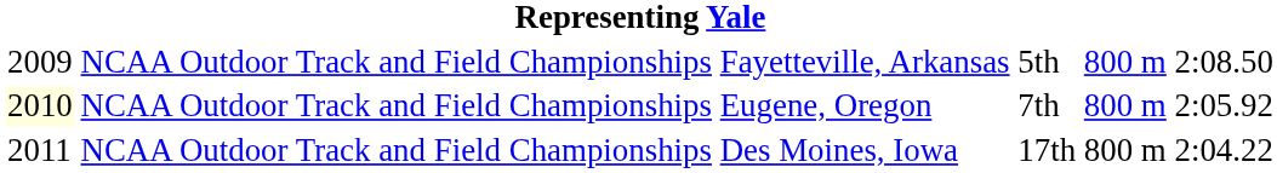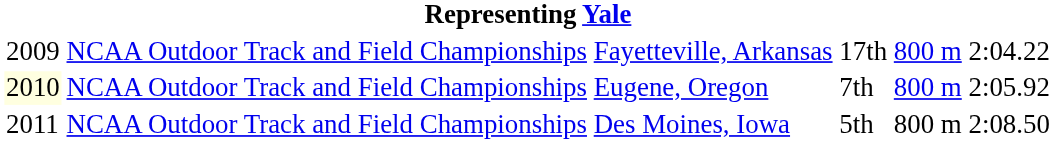 <table>
 <tr>
 <th colspan=6>Representing <a href='#'>Yale</a></th>
 </tr>
 <tr>
 <td>2009</td>
 <td><a href='#'>NCAA Outdoor Track and Field Championships</a></td>
 <td><a href='#'>Fayetteville, Arkansas</a></td>
-<td>5th</td>
+<td>17th</td>
 <td><a href='#'>800 m</a></td>
-<td>2:08.50</td>
+<td>2:04.22</td>
 </tr>
 <tr>
 <td style="background: lightyellow;">2010</td>
 <td><a href='#'>NCAA Outdoor Track and Field Championships</a></td>
 <td><a href='#'>Eugene, Oregon</a></td>
 <td>7th</td>
 <td><a href='#'>800 m</a></td>
 <td>2:05.92</td>
 </tr>
 <tr>
 <td>2011</td>
 <td><a href='#'>NCAA Outdoor Track and Field Championships</a></td>
 <td><a href='#'>Des Moines, Iowa</a></td>
-<td>17th</td>
+<td>5th</td>
 <td>800 m</td>
-<td>2:04.22</td>
+<td>2:08.50</td>
 </tr>
 </table>
